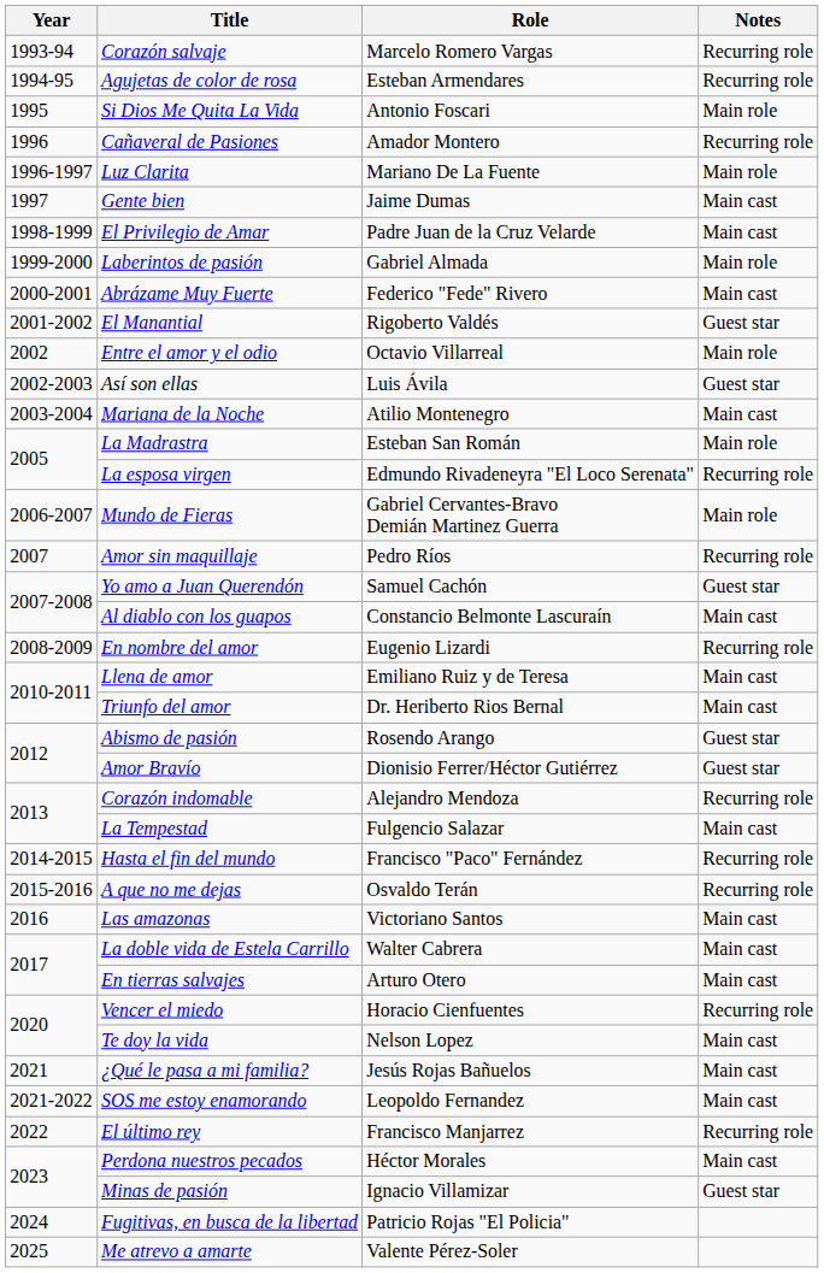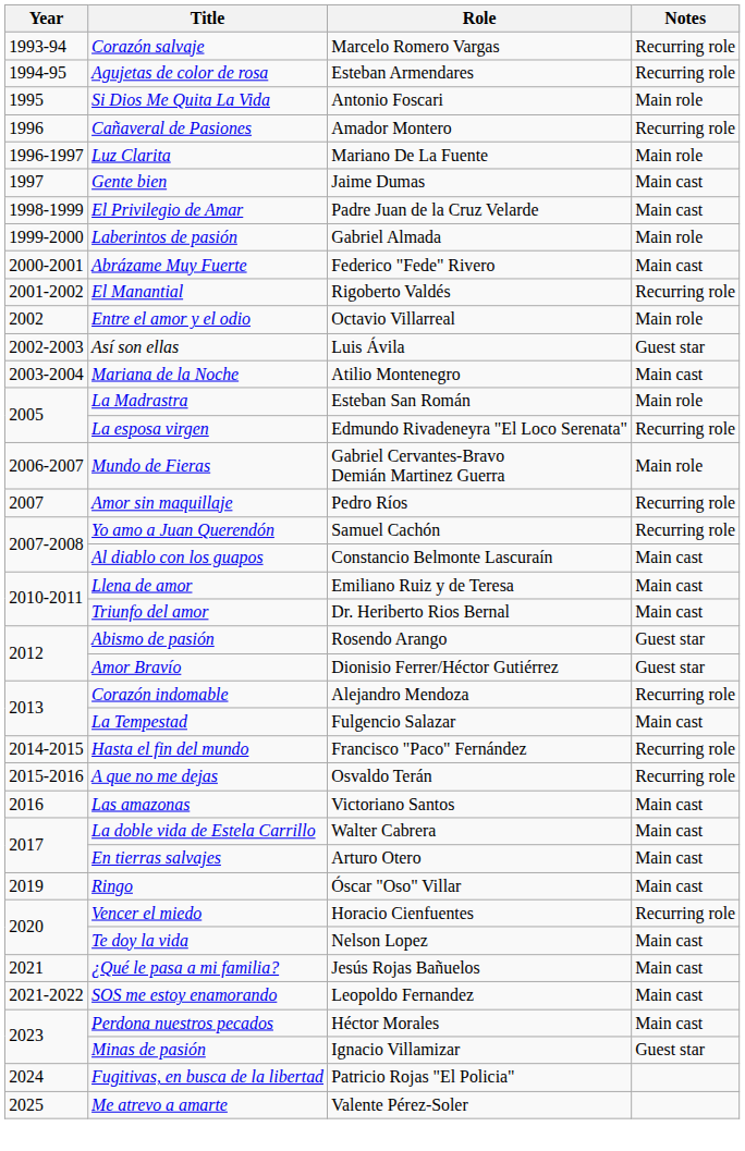 <table class="wikitable">
 <tr style="background:#b0c4de;">
 <th>Year</th>
 <th>Title</th>
 <th>Role</th>
 <th>Notes</th>
 </tr>
 <tr>
 <td>1993-94</td>
 <td><em><a href='#'>Corazón salvaje</a></em></td>
 <td>Marcelo Romero Vargas</td>
 <td>Recurring role</td>
 </tr>
 <tr>
 <td>1994-95</td>
 <td><em><a href='#'>Agujetas de color de rosa</a></em></td>
 <td>Esteban Armendares</td>
 <td>Recurring role</td>
 </tr>
 <tr>
 <td>1995</td>
 <td><em><a href='#'>Si Dios Me Quita La Vida</a></em></td>
 <td>Antonio Foscari</td>
 <td>Main role</td>
 </tr>
 <tr>
 <td>1996</td>
 <td><em><a href='#'>Cañaveral de Pasiones</a></em></td>
 <td>Amador Montero</td>
 <td>Recurring role</td>
 </tr>
 <tr>
 <td>1996-1997</td>
 <td><em><a href='#'>Luz Clarita</a></em></td>
 <td>Mariano De La Fuente</td>
 <td>Main role</td>
 </tr>
 <tr>
 <td>1997</td>
 <td><em><a href='#'>Gente bien</a></em></td>
 <td>Jaime Dumas</td>
 <td>Main cast</td>
 </tr>
 <tr>
 <td>1998-1999</td>
 <td><em><a href='#'>El Privilegio de Amar</a></em></td>
 <td>Padre Juan de la Cruz Velarde</td>
 <td>Main cast</td>
 </tr>
 <tr>
 <td>1999-2000</td>
 <td><em><a href='#'>Laberintos de pasión</a></em></td>
 <td>Gabriel Almada</td>
 <td>Main role</td>
 </tr>
 <tr>
 <td>2000-2001</td>
 <td><em><a href='#'>Abrázame Muy Fuerte</a></em></td>
 <td>Federico "Fede" Rivero</td>
 <td>Main cast</td>
 </tr>
 <tr>
 <td>2001-2002</td>
 <td><em><a href='#'>El Manantial</a></em></td>
 <td>Rigoberto Valdés</td>
-<td>Guest star</td>
+<td>Recurring role</td>
 </tr>
 <tr>
 <td>2002</td>
 <td><em><a href='#'>Entre el amor y el odio</a></em></td>
 <td>Octavio Villarreal</td>
 <td>Main role</td>
 </tr>
 <tr>
 <td>2002-2003</td>
 <td><em>Así son ellas</em></td>
 <td>Luis Ávila</td>
 <td>Guest star</td>
 </tr>
 <tr>
 <td>2003-2004</td>
 <td><em><a href='#'>Mariana de la Noche</a></em></td>
 <td>Atilio Montenegro</td>
 <td>Main cast</td>
 </tr>
 <tr>
 <td rowspan=2>2005</td>
 <td><em><a href='#'>La Madrastra</a></em></td>
 <td>Esteban San Román</td>
 <td>Main role</td>
 </tr>
 <tr>
 <td><em><a href='#'>La esposa virgen</a></em></td>
 <td>Edmundo Rivadeneyra "El Loco Serenata"</td>
 <td>Recurring role</td>
 </tr>
 <tr>
 <td>2006-2007</td>
 <td><em><a href='#'>Mundo de Fieras</a></em></td>
 <td>Gabriel Cervantes-Bravo<br>Demián Martinez Guerra</td>
 <td>Main role</td>
 </tr>
 <tr>
 <td>2007</td>
 <td><em><a href='#'>Amor sin maquillaje</a></em></td>
 <td>Pedro Ríos</td>
 <td>Recurring role</td>
 </tr>
 <tr>
 <td rowspan=2>2007-2008</td>
 <td><em><a href='#'>Yo amo a Juan Querendón</a></em></td>
 <td>Samuel Cachón</td>
-<td>Guest star</td>
+<td>Recurring role</td>
 </tr>
 <tr>
 <td><em><a href='#'>Al diablo con los guapos</a></em></td>
 <td>Constancio Belmonte Lascuraín</td>
 <td>Main cast</td>
-</tr>
-<tr>
-<td>2008-2009</td>
-<td><em><a href='#'>En nombre del amor</a></em></td>
-<td>Eugenio Lizardi</td>
-<td>Recurring role</td>
 </tr>
 <tr>
 <td rowspan=2>2010-2011</td>
 <td><em><a href='#'>Llena de amor</a></em></td>
 <td>Emiliano Ruiz y de Teresa</td>
 <td>Main cast</td>
 </tr>
 <tr>
 <td><em><a href='#'>Triunfo del amor</a></em></td>
 <td>Dr. Heriberto Rios Bernal</td>
 <td>Main cast</td>
 </tr>
 <tr>
 <td rowspan=2>2012</td>
 <td><em><a href='#'>Abismo de pasión</a></em></td>
 <td>Rosendo Arango</td>
 <td>Guest star</td>
 </tr>
 <tr>
 <td><em><a href='#'>Amor Bravío</a></em></td>
 <td>Dionisio Ferrer/Héctor Gutiérrez</td>
 <td>Guest star</td>
 </tr>
 <tr>
 <td rowspan=2>2013</td>
 <td><em><a href='#'>Corazón indomable</a></em></td>
 <td>Alejandro Mendoza</td>
 <td>Recurring role</td>
 </tr>
 <tr>
 <td><em><a href='#'>La Tempestad</a></em></td>
 <td>Fulgencio Salazar</td>
 <td>Main cast</td>
 </tr>
 <tr>
 <td>2014-2015</td>
 <td><em><a href='#'>Hasta el fin del mundo</a></em></td>
 <td>Francisco "Paco" Fernández</td>
 <td>Recurring role</td>
 </tr>
 <tr>
 <td>2015-2016</td>
 <td><em><a href='#'>A que no me dejas</a></em></td>
 <td>Osvaldo Terán</td>
 <td>Recurring role</td>
 </tr>
 <tr>
 <td>2016</td>
 <td><em><a href='#'>Las amazonas</a></em></td>
 <td>Victoriano Santos</td>
 <td>Main cast</td>
 </tr>
 <tr>
 <td rowspan=2>2017</td>
 <td><em><a href='#'>La doble vida de Estela Carrillo</a></em></td>
 <td>Walter Cabrera</td>
 <td>Main cast</td>
 </tr>
 <tr>
 <td><em><a href='#'>En tierras salvajes</a></em></td>
 <td>Arturo Otero</td>
 <td>Main cast</td>
 </tr>
 <tr>
+<td>2019</td>
+<td><em><a href='#'>Ringo</a></em></td>
+<td>Óscar "Oso" Villar</td>
+<td>Main cast</td>
+</tr>
+<tr>
 <td rowspan=2>2020</td>
 <td><em><a href='#'>Vencer el miedo</a></em></td>
 <td>Horacio Cienfuentes</td>
 <td>Recurring role</td>
 </tr>
 <tr>
 <td><em><a href='#'>Te doy la vida</a></em></td>
 <td>Nelson Lopez</td>
 <td>Main cast</td>
 </tr>
 <tr>
 <td>2021</td>
 <td><em><a href='#'>¿Qué le pasa a mi familia?</a></em></td>
 <td>Jesús Rojas Bañuelos</td>
 <td>Main cast</td>
 </tr>
 <tr>
 <td>2021-2022</td>
 <td><em><a href='#'>SOS me estoy enamorando</a></em></td>
 <td>Leopoldo Fernandez</td>
 <td>Main cast</td>
-</tr>
-<tr>
-<td>2022</td>
-<td><em><a href='#'>El último rey</a></em></td>
-<td>Francisco Manjarrez</td>
-<td>Recurring role</td>
 </tr>
 <tr>
 <td rowspan=2>2023</td>
 <td><em><a href='#'>Perdona nuestros pecados</a></em></td>
 <td>Héctor Morales</td>
 <td>Main cast</td>
 </tr>
 <tr>
 <td><em><a href='#'>Minas de pasión</a></em></td>
 <td>Ignacio Villamizar</td>
 <td>Guest star</td>
 </tr>
 <tr>
 <td>2024</td>
 <td><em><a href='#'>Fugitivas, en busca de la libertad</a></em></td>
 <td>Patricio Rojas "El Policia"</td>
 <td></td>
 </tr>
 <tr>
 <td>2025</td>
 <td><em><a href='#'>Me atrevo a amarte</a></em></td>
 <td>Valente Pérez-Soler</td>
 <td></td>
 </tr>
 </table>
